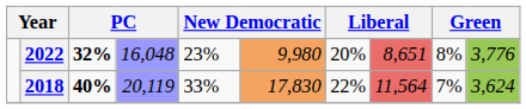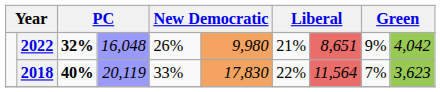 <table class="wikitable" style="float:right; width:400; font-size:90%; margin-left:1em;">
 <tr>
 <th colspan="2" scope="col">Year</th>
 <th colspan="2" scope="col"><a href='#'>PC</a></th>
 <th colspan="2" scope="col"><a href='#'>New Democratic</a></th>
 <th colspan="2" scope="col"><a href='#'>Liberal</a></th>
 <th colspan="2" scope="col"><a href='#'>Green</a></th>
 </tr>
 <tr>
 <td rowspan="2" style="width: 0.25em; background-color: "></td>
 <th><a href='#'>2022</a></th>
 <td><strong>32%</strong></td>
 <td style="text-align:right; background:#9999FF;"><em>16,048</em></td>
-<td>23%</td>
+<td>26%</td>
 <td style="text-align:right; background:#F4A460;"><em>9,980</em></td>
-<td>20%</td>
+<td>21%</td>
 <td style="text-align:right; background:#EA6D6A;"><em>8,651</em></td>
-<td>8%</td>
-<td style="text-align:right; background:#99C955;"><em>3,776</em></td>
+<td>9%</td>
+<td style="text-align:right; background:#99C955;"><em>4,042</em></td>
 </tr>
 <tr>
 <th><a href='#'>2018</a></th>
 <td><strong>40%</strong></td>
 <td style="text-align:right; background:#9999FF;"><em>20,119</em></td>
 <td>33%</td>
 <td style="text-align:right; background:#F4A460;"><em>17,830</em></td>
 <td>22%</td>
 <td style="text-align:right; background:#EA6D6A;"><em>11,564</em></td>
 <td>7%</td>
-<td style="text-align:right; background:#99C955;"><em>3,624</em></td>
+<td style="text-align:right; background:#99C955;"><em>3,623</em></td>
 </tr>
 <tr>
 </tr>
 </table>
